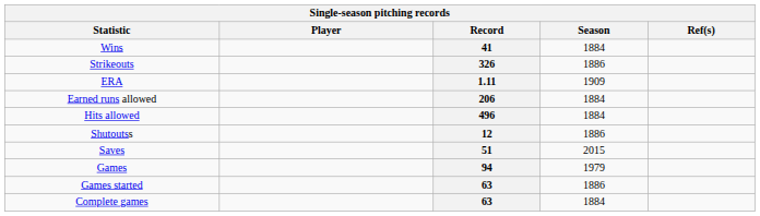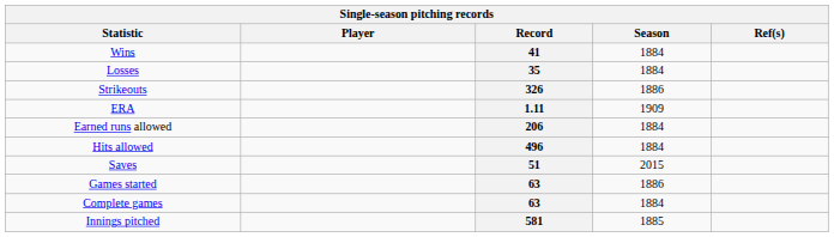 <table class="wikitable sortable" style="text-align:center" width="70%">
 <tr>
 <th colspan=5>Single-season pitching records</th>
 </tr>
 <tr>
 <th scope="col" width=20%>Statistic</th>
 <th scope="col" width=20%>Player</th>
 <th scope="col" width=10% class="unsortable">Record</th>
 <th scope="col" width=10%>Season</th>
 <th scope="col" width=10% class="unsortable">Ref(s)</th>
 </tr>
 <tr>
 <td><a href='#'>Wins</a></td>
 <td></td>
 <th scope="row">41</th>
+<td>1884</td>
+<td></td>
+</tr>
+<tr>
+<td><a href='#'>Losses</a></td>
+<td></td>
+<th scope="row">35</th>
 <td>1884</td>
 <td></td>
 </tr>
 <tr>
 <td><a href='#'>Strikeouts</a></td>
 <td></td>
 <th scope="row">326</th>
 <td>1886</td>
 <td></td>
 </tr>
 <tr>
 <td><a href='#'>ERA</a></td>
 <td></td>
 <th scope="row">1.11</th>
 <td>1909</td>
 <td></td>
 </tr>
 <tr>
 <td><a href='#'>Earned runs</a> allowed</td>
 <td></td>
 <th scope="row">206</th>
 <td>1884</td>
 <td></td>
 </tr>
 <tr>
 <td><a href='#'>Hits allowed</a></td>
 <td></td>
 <th scope="row">496</th>
 <td>1884</td>
 <td></td>
 </tr>
 <tr>
-<td><a href='#'>Shutouts</a>s</td>
-<td></td>
-<th scope="row">12</th>
-<td>1886</td>
-<td></td>
-</tr>
-<tr>
 <td><a href='#'>Saves</a></td>
 <td></td>
 <th scope="row">51</th>
 <td>2015</td>
-<td></td>
-</tr>
-<tr>
-<td><a href='#'>Games</a></td>
-<td></td>
-<th scope="row">94</th>
-<td>1979</td>
 <td></td>
 </tr>
 <tr>
 <td><a href='#'>Games started</a></td>
 <td></td>
 <th scope="row">63</th>
 <td>1886</td>
 <td></td>
 </tr>
 <tr>
 <td><a href='#'>Complete games</a></td>
 <td></td>
 <th scope="row">63</th>
 <td>1884</td>
 <td></td>
 </tr>
+<tr>
+<td><a href='#'>Innings pitched</a></td>
+<td></td>
+<th scope="row">581</th>
+<td>1885</td>
+<td></td>
+</tr>
 </table>
